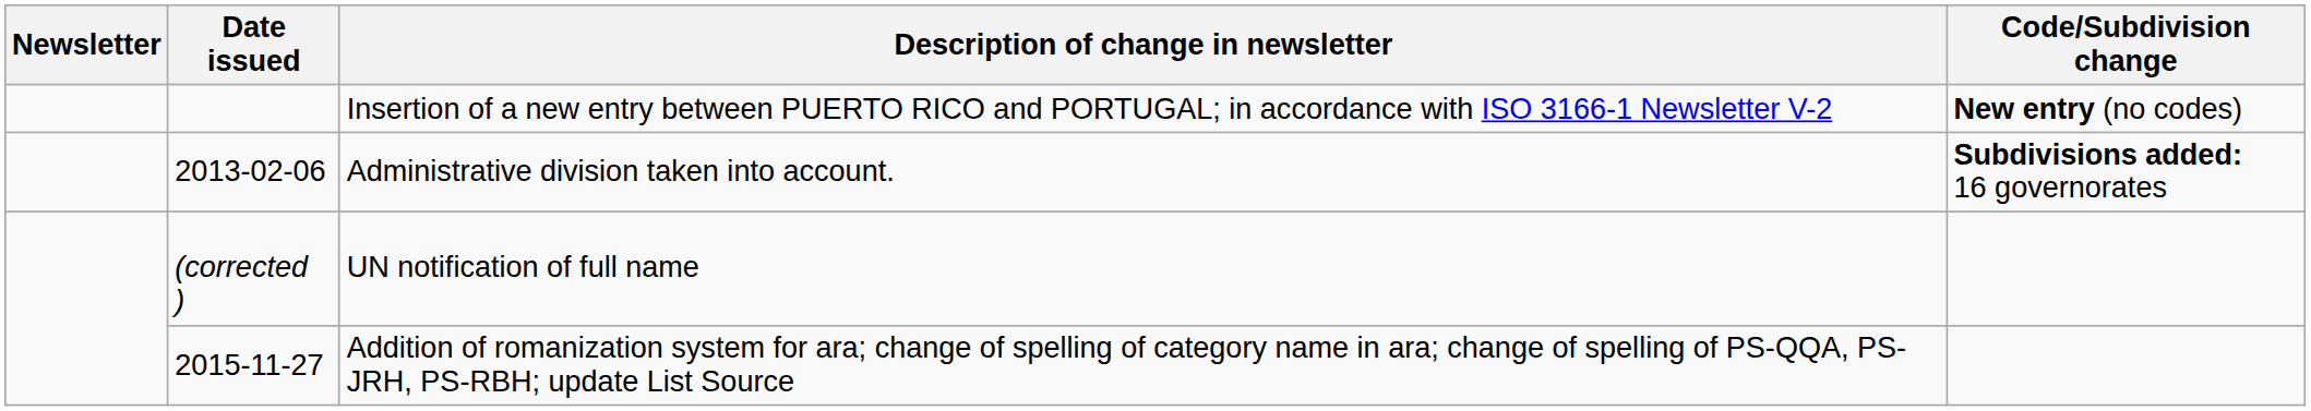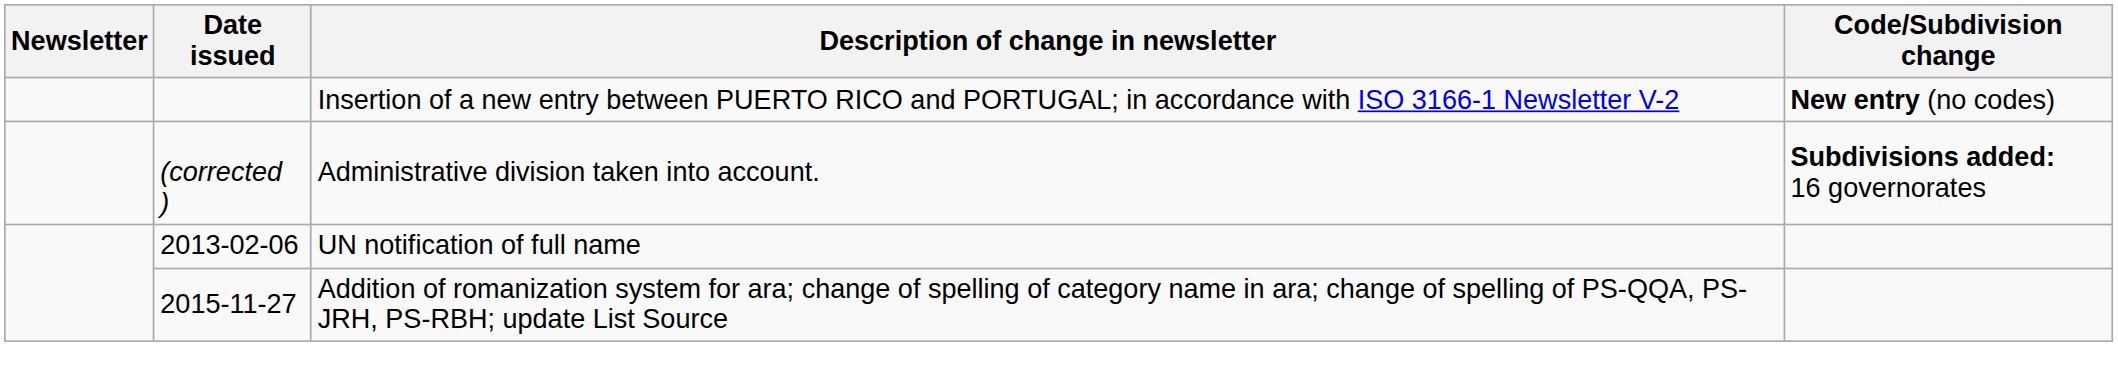 <table class="wikitable">
 <tr>
 <th>Newsletter</th>
 <th>Date issued</th>
 <th>Description of change in newsletter</th>
 <th>Code/Subdivision change</th>
 </tr>
 <tr>
 <td id="I-3"></td>
 <td></td>
 <td>Insertion of a new entry between PUERTO RICO and PORTUGAL; in accordance with <a href='#'>ISO 3166-1 Newsletter V-2</a></td>
 <td><strong>New entry</strong> (no codes)</td>
 </tr>
 <tr>
 <td id="II-3"></td>
-<td>2013-02-06</td>
+<td><br> <em>(corrected<br> )</em></td>
 <td>Administrative division taken into account.</td>
 <td style=white-space:nowrap><strong>Subdivisions added:</strong><br> 16 governorates</td>
 </tr>
 <tr>
 <td rowspan="2"></td>
-<td><br> <em>(corrected<br> )</em></td>
+<td>2013-02-06</td>
 <td>UN notification of full name</td>
 <td></td>
 </tr>
 <tr>
 <td>2015-11-27</td>
 <td>Addition of romanization system for ara; change of spelling of category name in ara; change of spelling of PS-QQA, PS-JRH, PS-RBH; update List Source</td>
 <td></td>
 </tr>
 </table>
